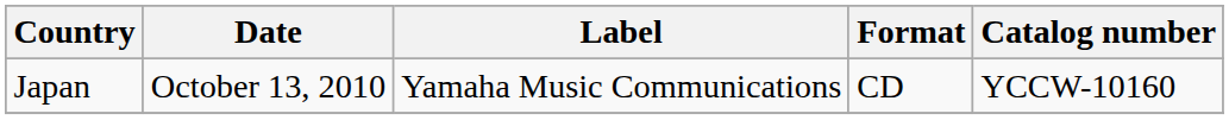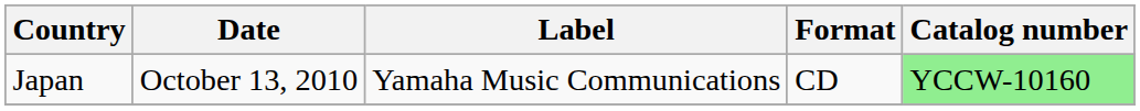 <table class="wikitable">
 <tr>
 <th>Country</th>
 <th>Date</th>
 <th>Label</th>
 <th>Format</th>
 <th>Catalog number</th>
 </tr>
 <tr>
 <td>Japan</td>
 <td>October 13, 2010</td>
 <td>Yamaha Music Communications</td>
 <td>CD</td>
-<td>YCCW-10160</td>
+<td style="background: lightgreen;">YCCW-10160</td>
 </tr>
 <tr>
 </tr>
 </table>
